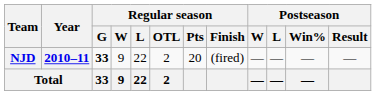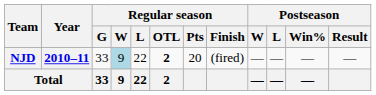 <table class="wikitable" style="font-size:95%; text-align:center;">
 <tr>
 <th rowspan="2">Team</th>
 <th rowspan="2">Year</th>
 <th colspan="6">Regular season</th>
 <th colspan="4">Postseason</th>
 </tr>
 <tr>
 <th>G</th>
 <th>W</th>
 <th>L</th>
 <th>OTL</th>
 <th>Pts</th>
 <th>Finish</th>
 <th>W</th>
 <th>L</th>
 <th>Win%</th>
 <th>Result</th>
 </tr>
 <tr>
 <th><a href='#'>NJD</a></th>
 <th><a href='#'>2010–11</a></th>
-<td><strong>33</strong></td>
-<td>9</td>
+<td>33</td>
+<td style="background: lightblue;">9</td>
 <td>22</td>
-<td>2</td>
+<td><strong>2</strong></td>
 <td>20</td>
 <td>(fired)</td>
 <td>—</td>
 <td>—</td>
 <td>—</td>
 <td>—</td>
 </tr>
 <tr>
 <th colspan="2">Total</th>
 <th>33</th>
 <th>9</th>
 <th>22</th>
 <th>2</th>
 <th> </th>
 <th> </th>
 <th>—</th>
 <th>—</th>
 <th>—</th>
 <th> </th>
 </tr>
 </table>
